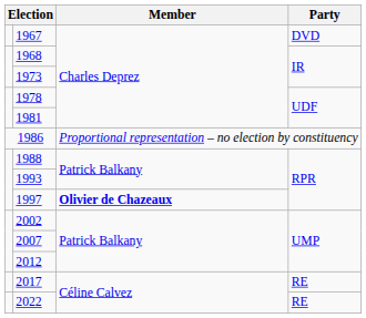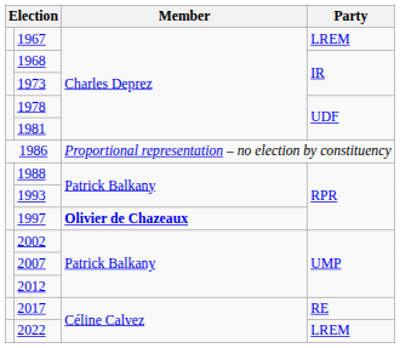 <table class="wikitable">
 <tr>
 <th colspan="2">Election</th>
 <th>Member</th>
 <th>Party</th>
 </tr>
 <tr>
 <td style="color:inherit;background-color: "></td>
 <td><a href='#'>1967</a></td>
 <td rowspan="5"><a href='#'>Charles Deprez</a></td>
-<td><a href='#'>DVD</a></td>
+<td><a href='#'>LREM</a></td>
 </tr>
 <tr>
 <td rowspan="2" style="color:inherit;background-color: "></td>
 <td><a href='#'>1968</a></td>
 <td rowspan="2"><a href='#'>IR</a></td>
 </tr>
 <tr>
 <td><a href='#'>1973</a></td>
 </tr>
 <tr>
 <td rowspan="2" style="color:inherit;background-color: "></td>
 <td><a href='#'>1978</a></td>
 <td rowspan="2"><a href='#'>UDF</a></td>
 </tr>
 <tr>
 <td><a href='#'>1981</a></td>
 </tr>
 <tr>
 <td colspan="2" align="center"><a href='#'>1986</a></td>
 <td colspan="2"><em><a href='#'>Proportional representation</a> – no election by constituency</em></td>
 </tr>
 <tr>
 <td rowspan="3" style="color:inherit;background-color: "></td>
 <td><a href='#'>1988</a></td>
 <td rowspan="2"><a href='#'>Patrick Balkany</a></td>
 <td rowspan="3"><a href='#'>RPR</a></td>
 </tr>
 <tr>
 <td><a href='#'>1993</a></td>
 </tr>
 <tr>
 <td><a href='#'>1997</a></td>
 <td><strong><a href='#'>Olivier de Chazeaux</a></strong></td>
 </tr>
 <tr>
 <td rowspan="3" style="color:inherit;background-color: "></td>
 <td><a href='#'>2002</a></td>
 <td rowspan="3"><a href='#'>Patrick Balkany</a></td>
 <td rowspan="3"><a href='#'>UMP</a></td>
 </tr>
 <tr>
 <td><a href='#'>2007</a></td>
 </tr>
 <tr>
 <td><a href='#'>2012</a></td>
 </tr>
 <tr>
 <td style="color:inherit;background-color: "></td>
 <td><a href='#'>2017</a></td>
 <td rowspan="2"><a href='#'>Céline Calvez</a></td>
 <td><a href='#'>RE</a></td>
 </tr>
 <tr>
 <td style="color:inherit;background-color: "></td>
 <td><a href='#'>2022</a></td>
-<td><a href='#'>RE</a></td>
+<td><a href='#'>LREM</a></td>
 </tr>
 </table>
